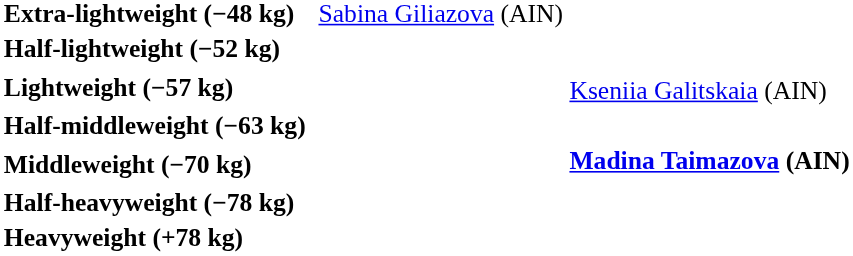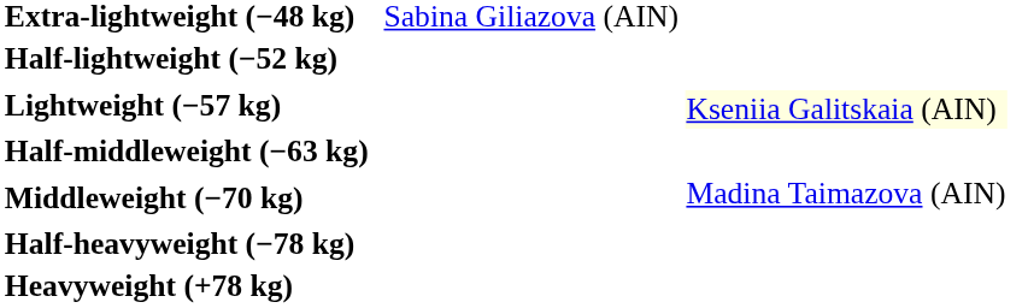 <table>
 <tr>
 <th rowspan=2 style="text-align:left;">Extra-lightweight (−48 kg)</th>
 <td rowspan=2></td>
 <td rowspan=2> <a href='#'>Sabina Giliazova</a> <span>(<abbr>AIN</abbr>)</span></td>
 <td></td>
 </tr>
 <tr>
 <td></td>
 </tr>
 <tr>
 <th rowspan=2 style="text-align:left;">Half-lightweight (−52 kg)</th>
 <td rowspan=2></td>
 <td rowspan=2></td>
 <td></td>
 </tr>
 <tr>
 <td></td>
 </tr>
 <tr>
 <th rowspan=2 style="text-align:left;">Lightweight (−57 kg)</th>
 <td rowspan=2></td>
 <td rowspan=2></td>
 <td></td>
 </tr>
 <tr>
-<td> <a href='#'>Kseniia Galitskaia</a> <span>(<abbr>AIN</abbr>)</span></td>
+<td style="background: lightyellow;"> <a href='#'>Kseniia Galitskaia</a> <span>(<abbr>AIN</abbr>)</span></td>
 </tr>
 <tr>
 <th rowspan=2 style="text-align:left;">Half-middleweight (−63 kg)</th>
 <td rowspan=2></td>
 <td rowspan=2></td>
 <td></td>
 </tr>
 <tr>
 <td></td>
 </tr>
 <tr>
 <th rowspan=2 style="text-align:left;">Middleweight (−70 kg)</th>
 <td rowspan=2></td>
 <td rowspan=2></td>
-<td><strong> <a href='#'>Madina Taimazova</a> <span>(<abbr>AIN</abbr>)</span></strong></td>
+<td> <a href='#'>Madina Taimazova</a> <span>(<abbr>AIN</abbr>)</span></td>
 </tr>
 <tr>
 <td></td>
 </tr>
 <tr>
 <th rowspan=2 style="text-align:left;">Half-heavyweight (−78 kg)</th>
 <td rowspan=2></td>
 <td rowspan=2></td>
 <td></td>
 </tr>
 <tr>
 <td></td>
 </tr>
 <tr>
 <th rowspan=2 style="text-align:left;">Heavyweight (+78 kg)</th>
 <td rowspan=2></td>
 <td rowspan=2></td>
 <td></td>
 </tr>
 <tr>
 <td></td>
 </tr>
 </table>
